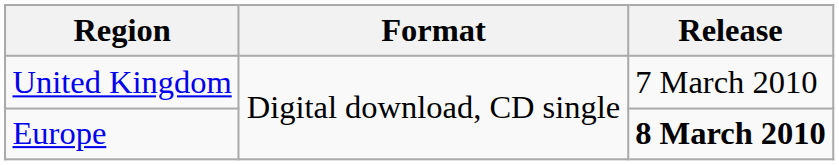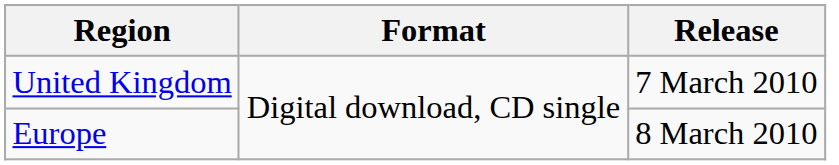 <table class="wikitable">
 <tr>
 <th>Region</th>
 <th>Format</th>
 <th>Release</th>
 </tr>
 <tr>
 <td><a href='#'>United Kingdom</a></td>
 <td rowspan=2>Digital download, CD single</td>
 <td>7 March 2010</td>
 </tr>
 <tr>
 <td><a href='#'>Europe</a></td>
-<td><strong>8 March 2010</strong></td>
+<td>8 March 2010</td>
 </tr>
 </table>
